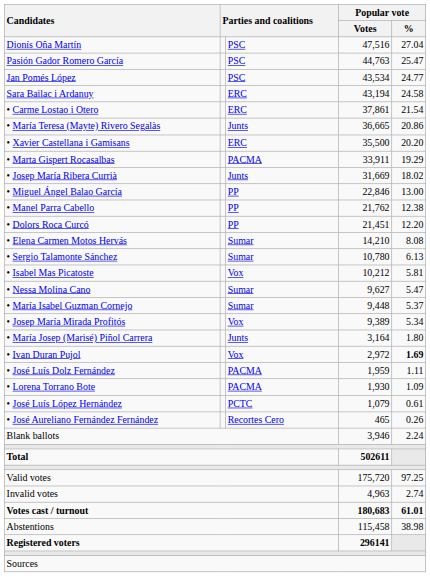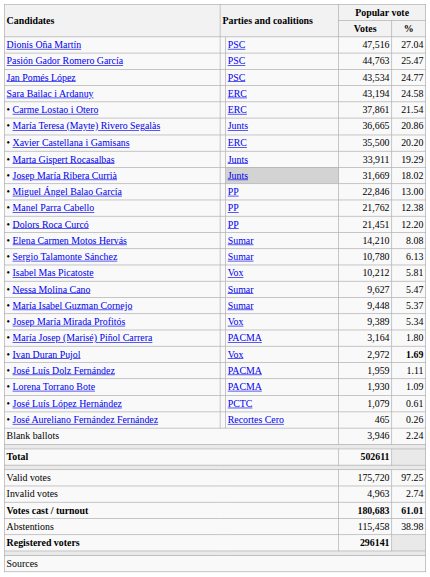 <table class="wikitable" style="text-align:right; font-size:95%;">
 <tr>
 <th style="text-align:left;" rowspan="2" width="325">Candidates</th>
 <th style="text-align:left;" rowspan="2" colspan="2" width="175">Parties and coalitions</th>
 <th colspan="2">Popular vote</th>
 </tr>
 <tr>
 <th width="75">Votes</th>
 <th width="45">%</th>
 </tr>
 <tr>
 <td align="left"> <a href='#'>Dionís Oña Martín</a></td>
 <td width="1" style="color:inherit;background:"></td>
 <td align="left"><a href='#'>PSC</a></td>
 <td>47,516</td>
 <td>27.04</td>
 </tr>
 <tr>
 <td align="left"> <a href='#'>Pasión Gador Romero García</a></td>
 <td width="1" style="color:inherit;background:"></td>
 <td align="left"><a href='#'>PSC</a></td>
 <td>44,763</td>
 <td>25.47</td>
 </tr>
 <tr>
 <td align="left"> <a href='#'>Jan Pomés López</a></td>
 <td width="1" style="color:inherit;background:"></td>
 <td align="left"><a href='#'>PSC</a></td>
 <td>43,534</td>
 <td>24.77</td>
 </tr>
 <tr>
 <td align="left"> <a href='#'>Sara Bailac i Ardanuy</a></td>
 <td width="1" style="color:inherit;background:"></td>
 <td align="left"><a href='#'>ERC</a></td>
 <td>43,194</td>
 <td>24.58</td>
 </tr>
 <tr>
 <td align="left">• <a href='#'>Carme Lostao i Otero</a></td>
 <td width="1" style="color:inherit;background:"></td>
 <td align="left"><a href='#'>ERC</a></td>
 <td>37,861</td>
 <td>21.54</td>
 </tr>
 <tr>
 <td align="left">• <a href='#'>María Teresa (Mayte) Rivero Segalàs</a></td>
 <td width="1" style="color:inherit;background:"></td>
 <td align="left"><a href='#'>Junts</a></td>
 <td>36,665</td>
 <td>20.86</td>
 </tr>
 <tr>
 <td align="left">• <a href='#'>Xavier Castellana i Gamisans</a></td>
 <td width="1" style="color:inherit;background:"></td>
 <td align="left"><a href='#'>ERC</a></td>
 <td>35,500</td>
 <td>20.20</td>
 </tr>
 <tr>
 <td align="left">• <a href='#'>Marta Gispert Rocasalbas</a></td>
 <td width="1" style="color:inherit;background:"></td>
-<td align="left"><a href='#'>PACMA</a></td>
+<td align="left"><a href='#'>Junts</a></td>
 <td>33,911</td>
 <td>19.29</td>
 </tr>
 <tr>
 <td align="left">• <a href='#'>Josep María Ribera Currià</a></td>
 <td width="1" style="color:inherit;background:"></td>
-<td align="left"><a href='#'>Junts</a></td>
+<td align="left" style="background: lightgrey;"><a href='#'>Junts</a></td>
 <td>31,669</td>
 <td>18.02</td>
 </tr>
 <tr>
 <td align="left">• <a href='#'>Miguel Ángel Balao García</a></td>
 <td width="1" style="color:inherit;background:"></td>
 <td align="left"><a href='#'>PP</a></td>
 <td>22,846</td>
 <td>13.00</td>
 </tr>
 <tr>
 <td align="left">• <a href='#'>Manel Parra Cabello</a></td>
 <td width="1" style="color:inherit;background:"></td>
 <td align="left"><a href='#'>PP</a></td>
 <td>21,762</td>
 <td>12.38</td>
 </tr>
 <tr>
 <td align="left">• <a href='#'>Dolors Roca Curcó</a></td>
 <td width="1" style="color:inherit;background:"></td>
 <td align="left"><a href='#'>PP</a></td>
 <td>21,451</td>
 <td>12.20</td>
 </tr>
 <tr>
 <td align="left">• <a href='#'>Elena Carmen Motos Hervás</a></td>
 <td width="1" style="color:inherit;background:"></td>
 <td align="left"><a href='#'>Sumar</a></td>
 <td>14,210</td>
 <td>8.08</td>
 </tr>
 <tr>
 <td align="left">• <a href='#'>Sergio Talamonte Sánchez</a></td>
 <td width="1" style="color:inherit;background:"></td>
 <td align="left"><a href='#'>Sumar</a></td>
 <td>10,780</td>
 <td>6.13</td>
 </tr>
 <tr>
 <td align="left">• <a href='#'>Isabel Mas Picatoste</a></td>
 <td width="1" style="color:inherit;background:"></td>
 <td align="left"><a href='#'>Vox</a></td>
 <td>10,212</td>
 <td>5.81</td>
 </tr>
 <tr>
 <td align="left">• <a href='#'>Nessa Molina Cano</a></td>
 <td width="1" style="color:inherit;background:"></td>
 <td align="left"><a href='#'>Sumar</a></td>
 <td>9,627</td>
 <td>5.47</td>
 </tr>
 <tr>
 <td align="left">• <a href='#'>María Isabel Guzman Cornejo</a></td>
 <td width="1" style="color:inherit;background:"></td>
 <td align="left"><a href='#'>Sumar</a></td>
 <td>9,448</td>
 <td>5.37</td>
 </tr>
 <tr>
 <td align="left">• <a href='#'>Josep María Mirada Profitós</a></td>
 <td width="1" style="color:inherit;background:"></td>
 <td align="left"><a href='#'>Vox</a></td>
 <td>9,389</td>
 <td>5.34</td>
 </tr>
 <tr>
 <td align="left">• <a href='#'>María Josep (Marisé) Piñol Carrera</a></td>
 <td width="1" style="color:inherit;background:"></td>
-<td align="left"><a href='#'>Junts</a></td>
+<td align="left"><a href='#'>PACMA</a></td>
 <td>3,164</td>
 <td>1.80</td>
 </tr>
 <tr>
 <td align="left">• <a href='#'>Ivan Duran Pujol</a></td>
 <td width="1" style="color:inherit;background:"></td>
 <td align="left"><a href='#'>Vox</a></td>
 <td>2,972</td>
 <td><strong>1.69</strong></td>
 </tr>
 <tr>
 <td align="left">• <a href='#'>José Luís Dolz Fernández</a></td>
 <td width="1" style="color:inherit;background:"></td>
 <td align="left"><a href='#'>PACMA</a></td>
 <td>1,959</td>
 <td>1.11</td>
 </tr>
 <tr>
 <td align="left">• <a href='#'>Lorena Torrano Bote</a></td>
 <td width="1" style="color:inherit;background:"></td>
 <td align="left"><a href='#'>PACMA</a></td>
 <td>1,930</td>
 <td>1.09</td>
 </tr>
 <tr>
 <td align="left">• <a href='#'>José Luís López Hernández</a></td>
 <td width="1" style="color:inherit;background:"></td>
 <td align="left"><a href='#'>PCTC</a></td>
 <td>1,079</td>
 <td>0.61</td>
 </tr>
 <tr>
 <td align="left">• <a href='#'>José Aureliano Fernández Fernández</a></td>
 <td width="1" style="color:inherit;background:"></td>
 <td align="left"><a href='#'>Recortes Cero</a></td>
 <td>465</td>
 <td>0.26</td>
 </tr>
 <tr>
 <td align="left" colspan="3">Blank ballots</td>
 <td>3,946</td>
 <td>2.24</td>
 </tr>
 <tr>
 <td colspan="5" bgcolor="#E9E9E9"></td>
 </tr>
 <tr style="font-weight:bold;">
 <td align="left" colspan="3">Total</td>
 <td>502611</td>
 <td bgcolor="#E9E9E9"></td>
 </tr>
 <tr>
 <td colspan="5" bgcolor="#E9E9E9"></td>
 </tr>
 <tr>
 <td align="left" colspan="3">Valid votes</td>
 <td>175,720</td>
 <td>97.25</td>
 </tr>
 <tr>
 <td align="left" colspan="3">Invalid votes</td>
 <td>4,963</td>
 <td>2.74</td>
 </tr>
 <tr style="font-weight:bold;">
 <td align="left" colspan="3">Votes cast / turnout</td>
 <td>180,683</td>
 <td>61.01</td>
 </tr>
 <tr>
 <td align="left" colspan="3">Abstentions</td>
 <td>115,458</td>
 <td>38.98</td>
 </tr>
 <tr style="font-weight:bold;">
 <td align="left" colspan="3">Registered voters</td>
 <td>296141</td>
 <td bgcolor="#E9E9E9"></td>
 </tr>
 <tr>
 <td colspan="5" bgcolor="#E9E9E9"></td>
 </tr>
 <tr>
 <td align="left" colspan="5">Sources</td>
 </tr>
 </table>
